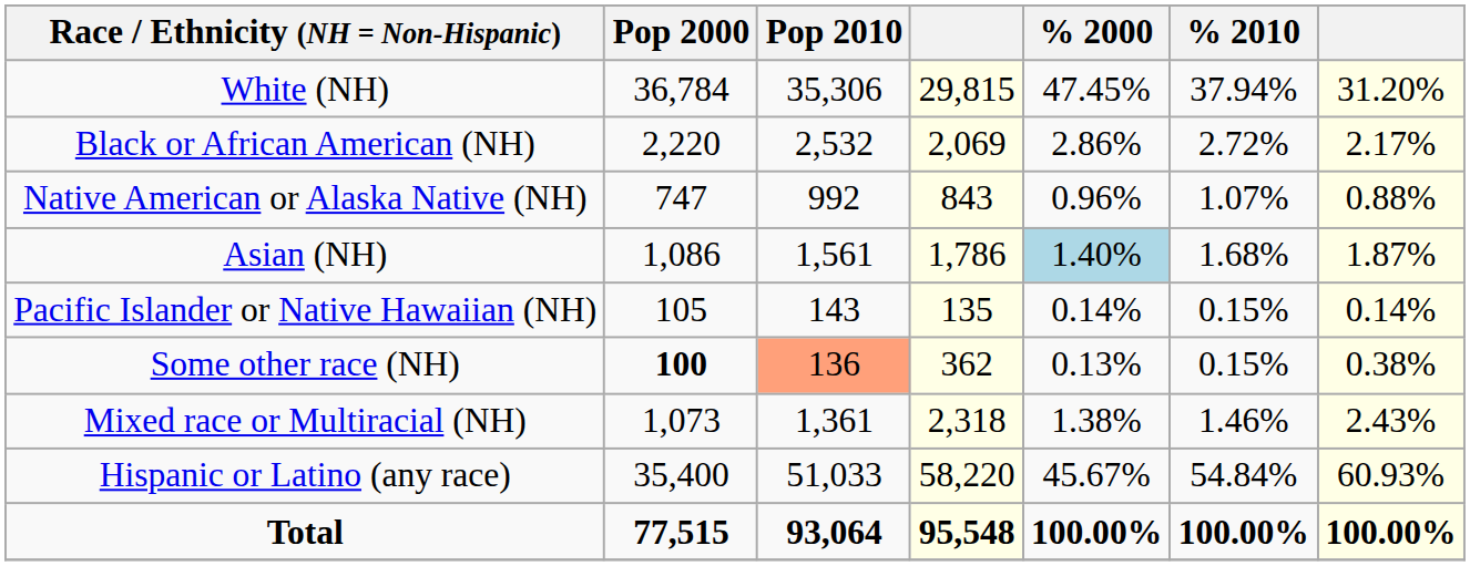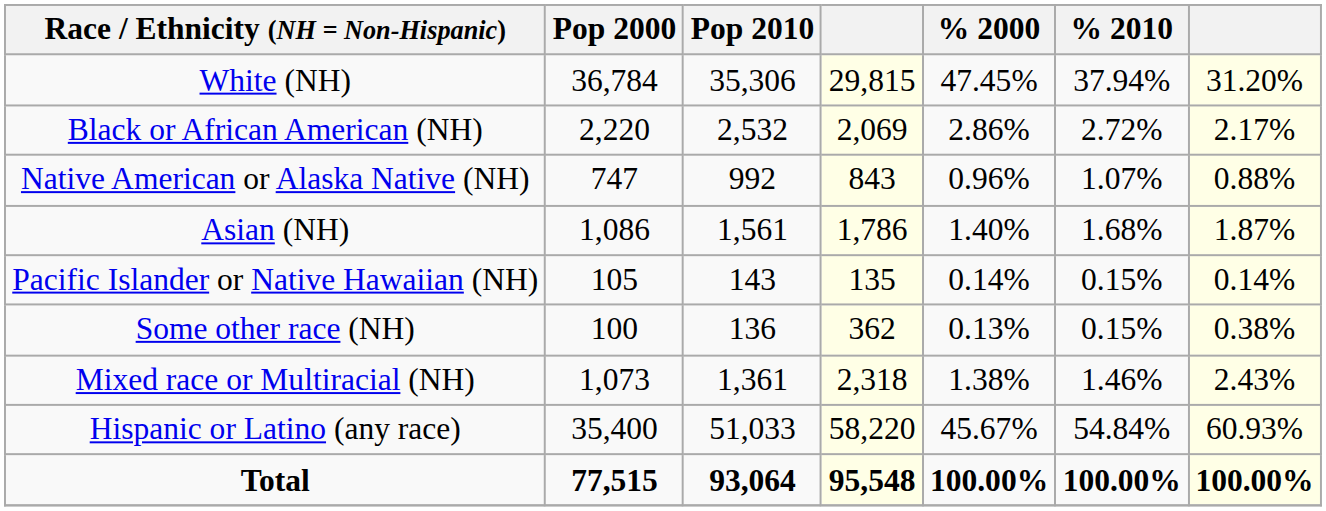 <table class="wikitable" style="text-align:center;">
 <tr>
 <th>Race / Ethnicity <small>(<em>NH = Non-Hispanic</em>)</small></th>
 <th>Pop 2000</th>
 <th>Pop 2010</th>
 <th></th>
 <th>% 2000</th>
 <th>% 2010</th>
 <th></th>
 </tr>
 <tr>
 <td><a href='#'>White</a> (NH)</td>
 <td>36,784</td>
 <td>35,306</td>
 <td style='background: #ffffe6;'>29,815</td>
 <td>47.45%</td>
 <td>37.94%</td>
 <td style='background: #ffffe6;'>31.20%</td>
 </tr>
 <tr>
 <td><a href='#'>Black or African American</a> (NH)</td>
 <td>2,220</td>
 <td>2,532</td>
 <td style='background: #ffffe6;'>2,069</td>
 <td>2.86%</td>
 <td>2.72%</td>
 <td style='background: #ffffe6;'>2.17%</td>
 </tr>
 <tr>
 <td><a href='#'>Native American</a> or <a href='#'>Alaska Native</a> (NH)</td>
 <td>747</td>
 <td>992</td>
 <td style='background: #ffffe6;'>843</td>
 <td>0.96%</td>
 <td>1.07%</td>
 <td style='background: #ffffe6;'>0.88%</td>
 </tr>
 <tr>
 <td><a href='#'>Asian</a> (NH)</td>
 <td>1,086</td>
 <td>1,561</td>
 <td style='background: #ffffe6;'>1,786</td>
-<td style="background: lightblue;">1.40%</td>
+<td>1.40%</td>
 <td>1.68%</td>
 <td style='background: #ffffe6;'>1.87%</td>
 </tr>
 <tr>
 <td><a href='#'>Pacific Islander</a> or <a href='#'>Native Hawaiian</a> (NH)</td>
 <td>105</td>
 <td>143</td>
 <td style='background: #ffffe6;'>135</td>
 <td>0.14%</td>
 <td>0.15%</td>
 <td style='background: #ffffe6;'>0.14%</td>
 </tr>
 <tr>
 <td><a href='#'>Some other race</a> (NH)</td>
-<td><strong>100</strong></td>
-<td style="background: lightsalmon;">136</td>
+<td>100</td>
+<td>136</td>
 <td style='background: #ffffe6;'>362</td>
 <td>0.13%</td>
 <td>0.15%</td>
 <td style='background: #ffffe6;'>0.38%</td>
 </tr>
 <tr>
 <td><a href='#'>Mixed race or Multiracial</a> (NH)</td>
 <td>1,073</td>
 <td>1,361</td>
 <td style='background: #ffffe6;'>2,318</td>
 <td>1.38%</td>
 <td>1.46%</td>
 <td style='background: #ffffe6;'>2.43%</td>
 </tr>
 <tr>
 <td><a href='#'>Hispanic or Latino</a> (any race)</td>
 <td>35,400</td>
 <td>51,033</td>
 <td style='background: #ffffe6;'>58,220</td>
 <td>45.67%</td>
 <td>54.84%</td>
 <td style='background: #ffffe6;'>60.93%</td>
 </tr>
 <tr>
 <td><strong>Total</strong></td>
 <td><strong>77,515</strong></td>
 <td><strong>93,064</strong></td>
 <td style='background: #ffffe6;'><strong>95,548</strong></td>
 <td><strong>100.00%</strong></td>
 <td><strong>100.00%</strong></td>
 <td style='background: #ffffe6;'><strong>100.00%</strong></td>
 </tr>
 <tr>
 </tr>
 </table>
